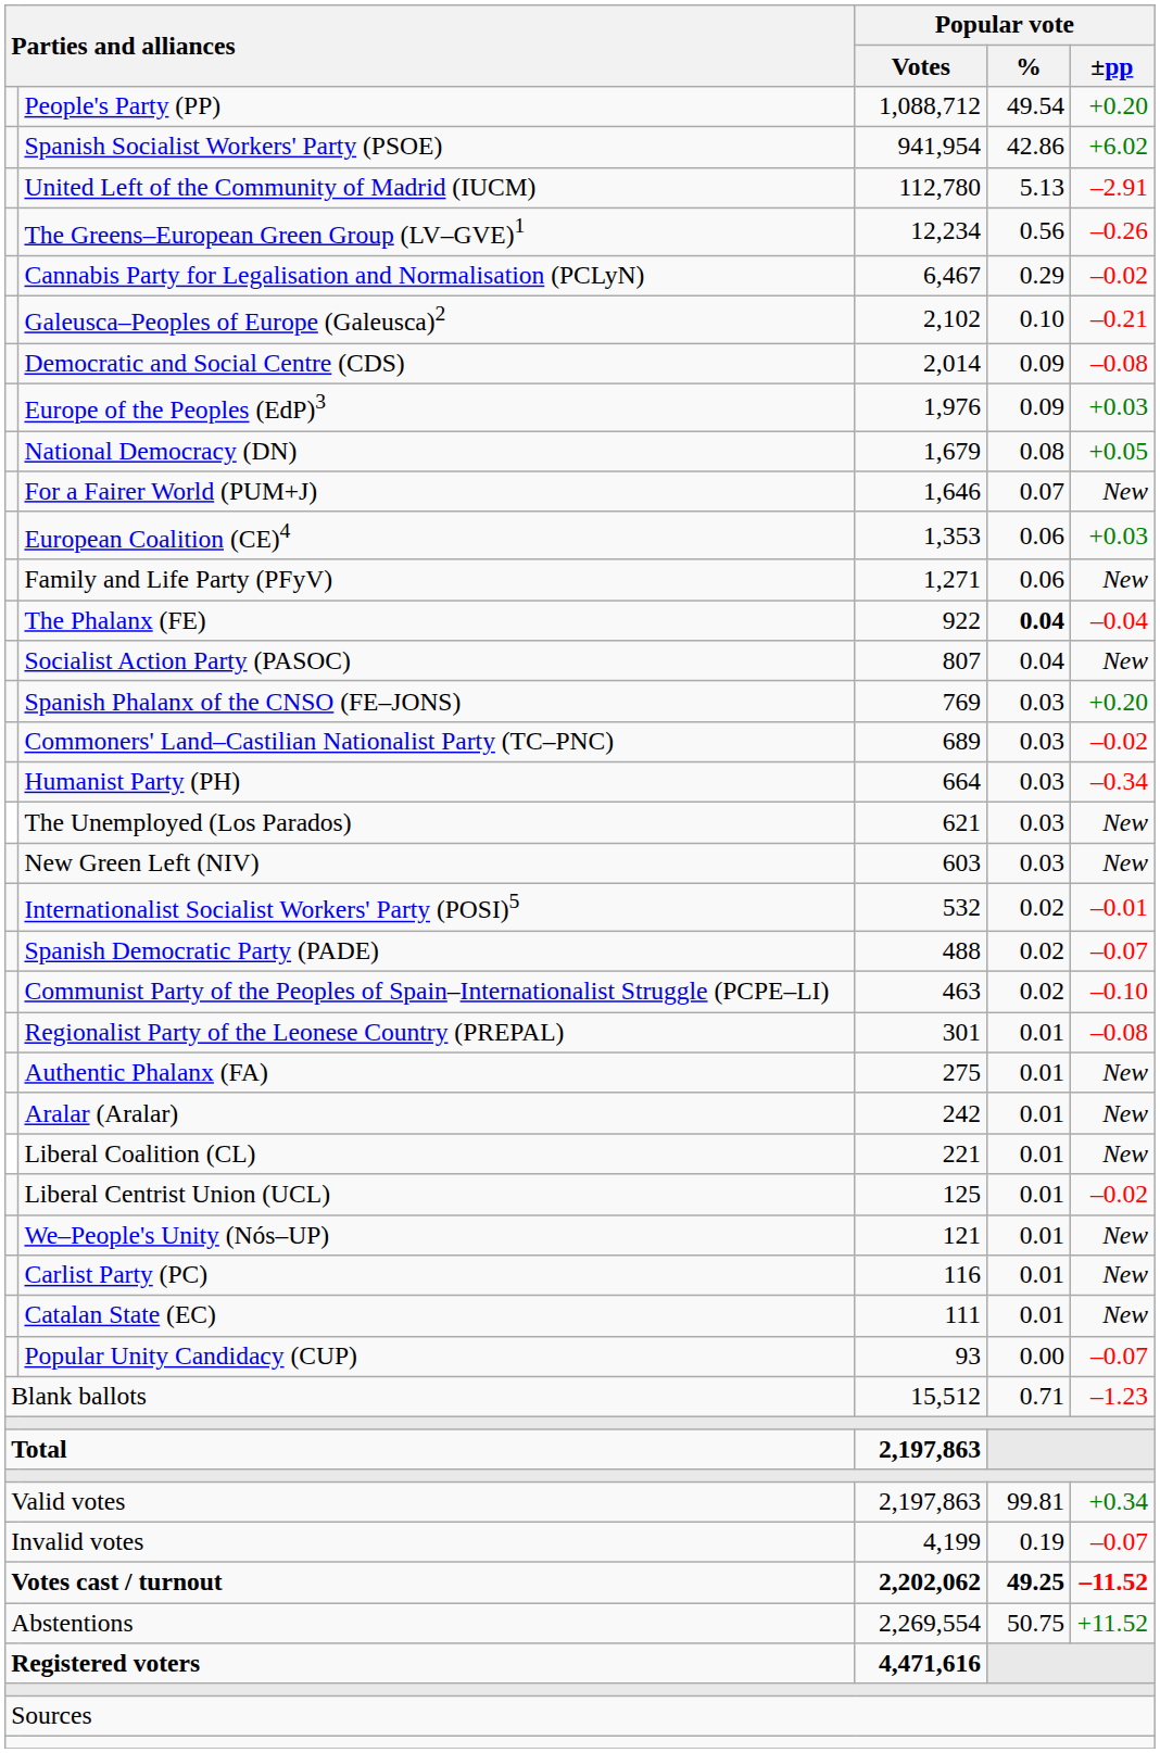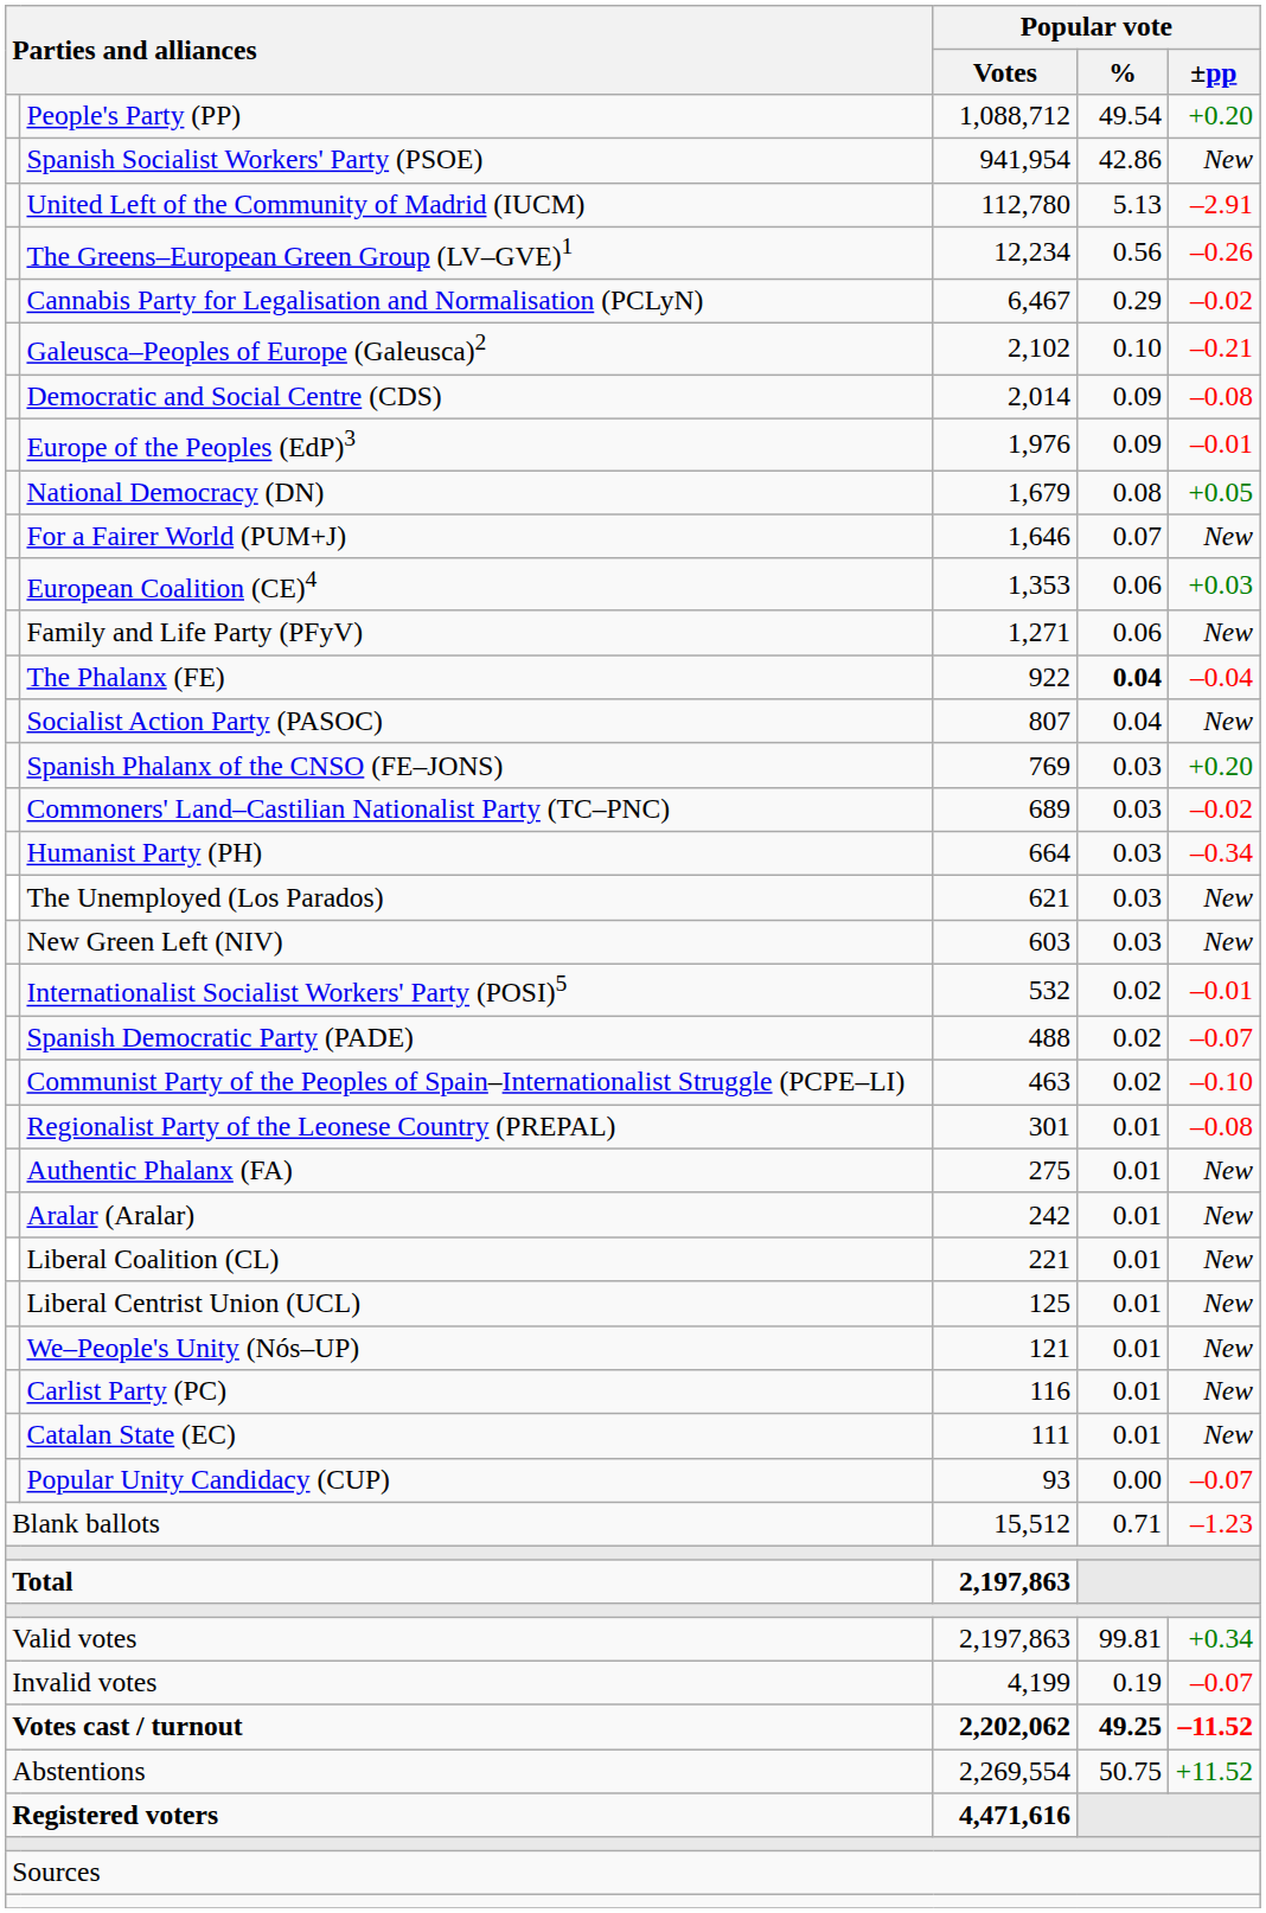 <table class="wikitable" style="text-align:right">
 <tr>
 <th style="text-align:left;" rowspan="2" colspan="2" width="525">Parties and alliances</th>
 <th colspan="3">Popular vote</th>
 </tr>
 <tr>
 <th width="75">Votes</th>
 <th width="45">%</th>
 <th width="45">±<a href='#'>pp</a></th>
 </tr>
 <tr>
 <td width="1" style="color:inherit;background:"></td>
 <td align="left"><a href='#'>People's Party</a> (PP)</td>
 <td>1,088,712</td>
 <td>49.54</td>
 <td style="color:green;">+0.20</td>
 </tr>
 <tr>
 <td style="color:inherit;background:"></td>
 <td align="left"><a href='#'>Spanish Socialist Workers' Party</a> (PSOE)</td>
 <td>941,954</td>
 <td>42.86</td>
-<td style="color:green;">+6.02</td>
+<td><em>New</em></td>
 </tr>
 <tr>
 <td style="color:inherit;background:"></td>
 <td align="left"><a href='#'>United Left of the Community of Madrid</a> (IUCM)</td>
 <td>112,780</td>
 <td>5.13</td>
 <td style="color:red;">–2.91</td>
 </tr>
 <tr>
 <td style="color:inherit;background:"></td>
 <td align="left"><a href='#'>The Greens–European Green Group</a> (LV–GVE)<sup>1</sup></td>
 <td>12,234</td>
 <td>0.56</td>
 <td style="color:red;">–0.26</td>
 </tr>
 <tr>
 <td style="color:inherit;background:"></td>
 <td align="left"><a href='#'>Cannabis Party for Legalisation and Normalisation</a> (PCLyN)</td>
 <td>6,467</td>
 <td>0.29</td>
 <td style="color:red;">–0.02</td>
 </tr>
 <tr>
 <td style="color:inherit;background:"></td>
 <td align="left"><a href='#'>Galeusca–Peoples of Europe</a> (Galeusca)<sup>2</sup></td>
 <td>2,102</td>
 <td>0.10</td>
 <td style="color:red;">–0.21</td>
 </tr>
 <tr>
 <td style="color:inherit;background:"></td>
 <td align="left"><a href='#'>Democratic and Social Centre</a> (CDS)</td>
 <td>2,014</td>
 <td>0.09</td>
 <td style="color:red;">–0.08</td>
 </tr>
 <tr>
 <td style="color:inherit;background:"></td>
 <td align="left"><a href='#'>Europe of the Peoples</a> (EdP)<sup>3</sup></td>
 <td>1,976</td>
 <td>0.09</td>
-<td style="color:green;">+0.03</td>
+<td style="color:red;">–0.01</td>
 </tr>
 <tr>
 <td style="color:inherit;background:"></td>
 <td align="left"><a href='#'>National Democracy</a> (DN)</td>
 <td>1,679</td>
 <td>0.08</td>
 <td style="color:green;">+0.05</td>
 </tr>
 <tr>
 <td style="color:inherit;background:"></td>
 <td align="left"><a href='#'>For a Fairer World</a> (PUM+J)</td>
 <td>1,646</td>
 <td>0.07</td>
 <td><em>New</em></td>
 </tr>
 <tr>
 <td style="color:inherit;background:"></td>
 <td align="left"><a href='#'>European Coalition</a> (CE)<sup>4</sup></td>
 <td>1,353</td>
 <td>0.06</td>
 <td style="color:green;">+0.03</td>
 </tr>
 <tr>
 <td style="color:inherit;background:"></td>
 <td align="left">Family and Life Party (PFyV)</td>
 <td>1,271</td>
 <td>0.06</td>
 <td><em>New</em></td>
 </tr>
 <tr>
 <td style="color:inherit;background:"></td>
 <td align="left"><a href='#'>The Phalanx</a> (FE)</td>
 <td>922</td>
 <td><strong>0.04</strong></td>
 <td style="color:red;">–0.04</td>
 </tr>
 <tr>
 <td style="color:inherit;background:"></td>
 <td align="left"><a href='#'>Socialist Action Party</a> (PASOC)</td>
 <td>807</td>
 <td>0.04</td>
 <td><em>New</em></td>
 </tr>
 <tr>
 <td style="color:inherit;background:"></td>
 <td align="left"><a href='#'>Spanish Phalanx of the CNSO</a> (FE–JONS)</td>
 <td>769</td>
 <td>0.03</td>
 <td style="color:green;">+0.20</td>
 </tr>
 <tr>
 <td style="color:inherit;background:"></td>
 <td align="left"><a href='#'>Commoners' Land–Castilian Nationalist Party</a> (TC–PNC)</td>
 <td>689</td>
 <td>0.03</td>
 <td style="color:red;">–0.02</td>
 </tr>
 <tr>
 <td style="color:inherit;background:"></td>
 <td align="left"><a href='#'>Humanist Party</a> (PH)</td>
 <td>664</td>
 <td>0.03</td>
 <td style="color:red;">–0.34</td>
 </tr>
 <tr>
 <td bgcolor="white"></td>
 <td align="left">The Unemployed (Los Parados)</td>
 <td>621</td>
 <td>0.03</td>
 <td><em>New</em></td>
 </tr>
 <tr>
 <td style="color:inherit;background:"></td>
 <td align="left">New Green Left (NIV)</td>
 <td>603</td>
 <td>0.03</td>
 <td><em>New</em></td>
 </tr>
 <tr>
 <td style="color:inherit;background:"></td>
 <td align="left"><a href='#'>Internationalist Socialist Workers' Party</a> (POSI)<sup>5</sup></td>
 <td>532</td>
 <td>0.02</td>
 <td style="color:red;">–0.01</td>
 </tr>
 <tr>
 <td style="color:inherit;background:"></td>
 <td align="left"><a href='#'>Spanish Democratic Party</a> (PADE)</td>
 <td>488</td>
 <td>0.02</td>
 <td style="color:red;">–0.07</td>
 </tr>
 <tr>
 <td style="color:inherit;background:"></td>
 <td align="left"><a href='#'>Communist Party of the Peoples of Spain</a>–<a href='#'>Internationalist Struggle</a> (PCPE–LI)</td>
 <td>463</td>
 <td>0.02</td>
 <td style="color:red;">–0.10</td>
 </tr>
 <tr>
 <td style="color:inherit;background:"></td>
 <td align="left"><a href='#'>Regionalist Party of the Leonese Country</a> (PREPAL)</td>
 <td>301</td>
 <td>0.01</td>
 <td style="color:red;">–0.08</td>
 </tr>
 <tr>
 <td style="color:inherit;background:"></td>
 <td align="left"><a href='#'>Authentic Phalanx</a> (FA)</td>
 <td>275</td>
 <td>0.01</td>
 <td><em>New</em></td>
 </tr>
 <tr>
 <td style="color:inherit;background:"></td>
 <td align="left"><a href='#'>Aralar</a> (Aralar)</td>
 <td>242</td>
 <td>0.01</td>
 <td><em>New</em></td>
 </tr>
 <tr>
 <td bgcolor="white"></td>
 <td align="left">Liberal Coalition (CL)</td>
 <td>221</td>
 <td>0.01</td>
 <td><em>New</em></td>
 </tr>
 <tr>
 <td style="color:inherit;background:"></td>
 <td align="left">Liberal Centrist Union (UCL)</td>
 <td>125</td>
 <td>0.01</td>
-<td style="color:red;">–0.02</td>
+<td><em>New</em></td>
 </tr>
 <tr>
 <td style="color:inherit;background:"></td>
 <td align="left"><a href='#'>We–People's Unity</a> (Nós–UP)</td>
 <td>121</td>
 <td>0.01</td>
 <td><em>New</em></td>
 </tr>
 <tr>
 <td style="color:inherit;background:"></td>
 <td align="left"><a href='#'>Carlist Party</a> (PC)</td>
 <td>116</td>
 <td>0.01</td>
 <td><em>New</em></td>
 </tr>
 <tr>
 <td style="color:inherit;background:"></td>
 <td align="left"><a href='#'>Catalan State</a> (EC)</td>
 <td>111</td>
 <td>0.01</td>
 <td><em>New</em></td>
 </tr>
 <tr>
 <td style="color:inherit;background:"></td>
 <td align="left"><a href='#'>Popular Unity Candidacy</a> (CUP)</td>
 <td>93</td>
 <td>0.00</td>
 <td style="color:red;">–0.07</td>
 </tr>
 <tr>
 <td align="left" colspan="2">Blank ballots</td>
 <td>15,512</td>
 <td>0.71</td>
 <td style="color:red;">–1.23</td>
 </tr>
 <tr>
 <td colspan="5" bgcolor="#E9E9E9"></td>
 </tr>
 <tr style="font-weight:bold;">
 <td align="left" colspan="2">Total</td>
 <td>2,197,863</td>
 <td bgcolor="#E9E9E9" colspan="2"></td>
 </tr>
 <tr>
 <td colspan="5" bgcolor="#E9E9E9"></td>
 </tr>
 <tr>
 <td align="left" colspan="2">Valid votes</td>
 <td>2,197,863</td>
 <td>99.81</td>
 <td style="color:green;">+0.34</td>
 </tr>
 <tr>
 <td align="left" colspan="2">Invalid votes</td>
 <td>4,199</td>
 <td>0.19</td>
 <td style="color:red;">–0.07</td>
 </tr>
 <tr style="font-weight:bold;">
 <td align="left" colspan="2">Votes cast / turnout</td>
 <td>2,202,062</td>
 <td>49.25</td>
 <td style="color:red;">–11.52</td>
 </tr>
 <tr>
 <td align="left" colspan="2">Abstentions</td>
 <td>2,269,554</td>
 <td>50.75</td>
 <td style="color:green;">+11.52</td>
 </tr>
 <tr style="font-weight:bold;">
 <td align="left" colspan="2">Registered voters</td>
 <td>4,471,616</td>
 <td bgcolor="#E9E9E9" colspan="2"></td>
 </tr>
 <tr>
 <td colspan="5" bgcolor="#E9E9E9"></td>
 </tr>
 <tr>
 <td align="left" colspan="5">Sources</td>
 </tr>
 <tr>
 <td colspan="5" style="text-align:left; max-width:680px;"></td>
 </tr>
 </table>
